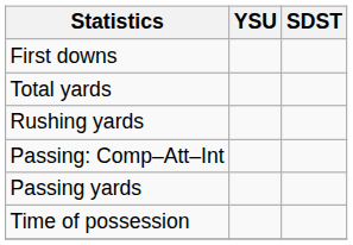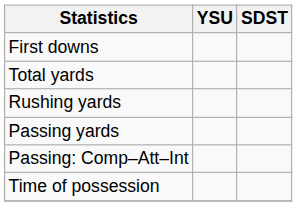 <table class="wikitable" style="float: left;">
 <tr>
 <th>Statistics</th>
 <th>YSU</th>
 <th>SDST</th>
 </tr>
 <tr>
 <td>First downs</td>
 <td></td>
 <td></td>
 </tr>
 <tr>
 <td>Total yards</td>
 <td></td>
 <td></td>
 </tr>
 <tr>
 <td>Rushing yards</td>
 <td></td>
 <td></td>
 </tr>
 <tr>
-<td>Passing: Comp–Att–Int</td>
+<td>Passing yards</td>
 <td></td>
 <td></td>
 </tr>
 <tr>
-<td>Passing yards</td>
+<td>Passing: Comp–Att–Int</td>
 <td></td>
 <td></td>
 </tr>
 <tr>
 <td>Time of possession</td>
 <td></td>
 <td></td>
 </tr>
 <tr>
 </tr>
 </table>
